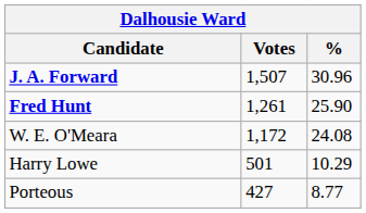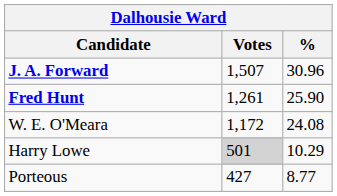 <table class="wikitable">
 <tr>
 <th colspan="3"><a href='#'>Dalhousie Ward</a></th>
 </tr>
 <tr>
 <th style="width: 200px">Candidate</th>
 <th style="width: 50px">Votes</th>
 <th style="width: 40px">%</th>
 </tr>
 <tr>
 <td><strong><a href='#'>J. A. Forward</a></strong></td>
 <td>1,507</td>
 <td>30.96</td>
 </tr>
 <tr>
 <td><strong><a href='#'>Fred Hunt</a></strong></td>
 <td>1,261</td>
 <td>25.90</td>
 </tr>
 <tr>
 <td>W. E. O'Meara</td>
 <td>1,172</td>
 <td>24.08</td>
 </tr>
 <tr>
 <td>Harry Lowe</td>
-<td>501</td>
+<td style="background: lightgrey;">501</td>
 <td>10.29</td>
 </tr>
 <tr>
 <td>Porteous</td>
 <td>427</td>
 <td>8.77</td>
 </tr>
 </table>
